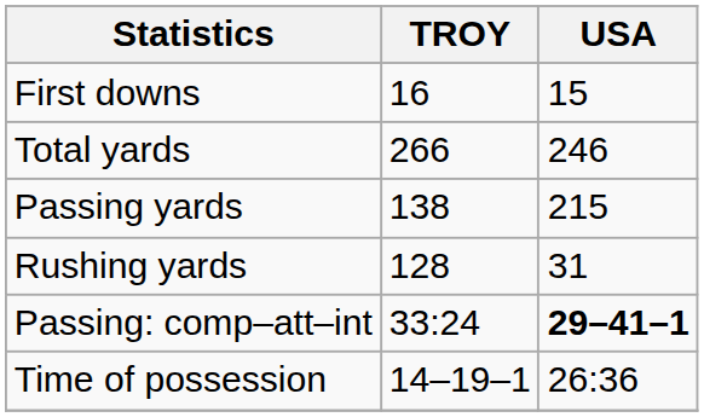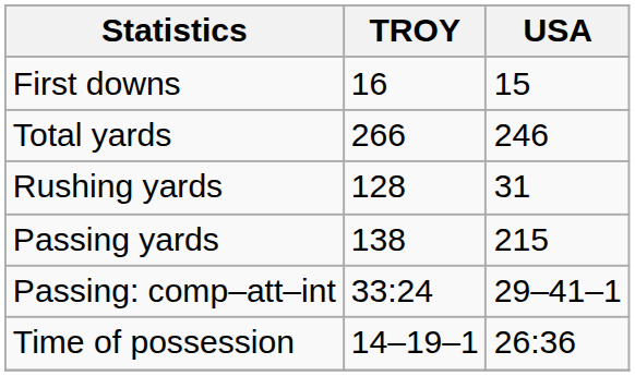 <table class="wikitable" style="float: left;">
 <tr>
 <th>Statistics</th>
 <th>TROY</th>
 <th>USA</th>
 </tr>
 <tr>
 <td>First downs</td>
 <td>16</td>
 <td>15</td>
 </tr>
 <tr>
 <td>Total yards</td>
 <td>266</td>
 <td>246</td>
 </tr>
 <tr>
+<td>Rushing yards</td>
+<td>128</td>
+<td>31</td>
+</tr>
+<tr>
 <td>Passing yards</td>
 <td>138</td>
 <td>215</td>
 </tr>
 <tr>
-<td>Rushing yards</td>
-<td>128</td>
-<td>31</td>
-</tr>
-<tr>
 <td>Passing: comp–att–int</td>
 <td>33:24</td>
-<td><strong>29–41–1</strong></td>
+<td>29–41–1</td>
 </tr>
 <tr>
 <td>Time of possession</td>
 <td>14–19–1</td>
 <td>26:36</td>
 </tr>
 <tr>
 </tr>
 </table>
